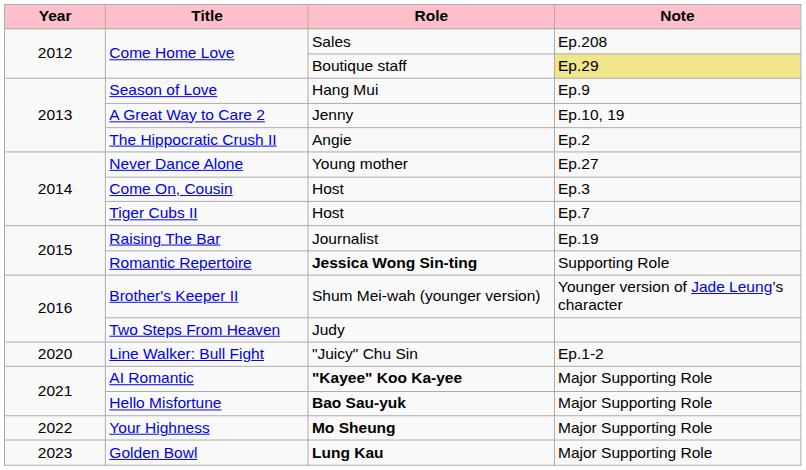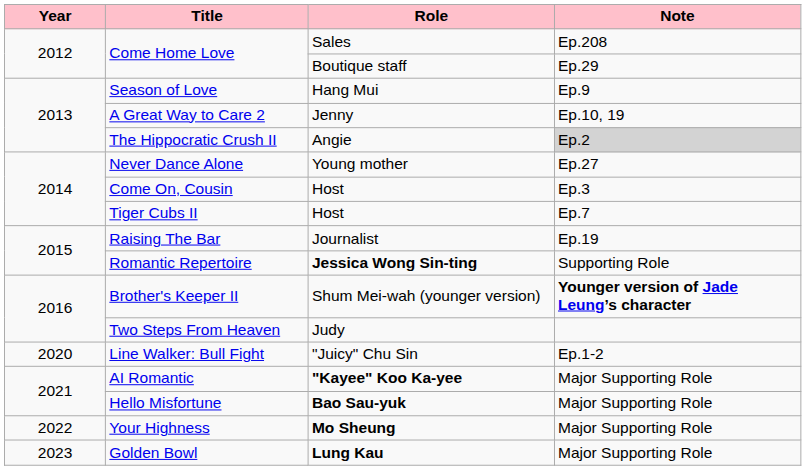 <table class="wikitable" width="65%">
 <tr style="background:pink; color:black" align=center>
 <td style="width:7%"><strong>Year</strong></td>
 <td style="width:14%"><strong>Title</strong></td>
 <td style="width:17%"><strong>Role</strong></td>
 <td style="width:17%"><strong>Note</strong></td>
 </tr>
 <tr>
 <td rowspan="2" style="text-align:center;">2012</td>
 <td rowspan="2"><a href='#'>Come Home Love</a></td>
 <td>Sales</td>
 <td>Ep.208</td>
 </tr>
 <tr>
 <td>Boutique staff</td>
-<td style="background: khaki;">Ep.29</td>
+<td>Ep.29</td>
 </tr>
 <tr>
 <td rowspan="3" style="text-align:center;">2013</td>
 <td><a href='#'>Season of Love</a></td>
 <td>Hang Mui</td>
 <td>Ep.9</td>
 </tr>
 <tr>
 <td><a href='#'>A Great Way to Care 2</a></td>
 <td>Jenny</td>
 <td>Ep.10, 19</td>
 </tr>
 <tr>
 <td><a href='#'>The Hippocratic Crush II</a></td>
 <td>Angie</td>
-<td>Ep.2</td>
+<td style="background: lightgrey;">Ep.2</td>
 </tr>
 <tr>
 <td rowspan="3" style="text-align:center;">2014</td>
 <td><a href='#'>Never Dance Alone</a></td>
 <td>Young mother</td>
 <td>Ep.27</td>
 </tr>
 <tr>
 <td><a href='#'>Come On, Cousin</a></td>
 <td>Host</td>
 <td>Ep.3</td>
 </tr>
 <tr>
 <td><a href='#'>Tiger Cubs II</a></td>
 <td>Host</td>
 <td>Ep.7</td>
 </tr>
 <tr>
 <td rowspan="2" style="text-align:center;">2015</td>
 <td><a href='#'>Raising The Bar</a></td>
 <td>Journalist</td>
 <td>Ep.19</td>
 </tr>
 <tr>
 <td><a href='#'>Romantic Repertoire</a></td>
 <td><strong>Jessica Wong Sin-ting</strong></td>
 <td>Supporting Role</td>
 </tr>
 <tr>
 <td rowspan="2" style="text-align:center;">2016</td>
 <td><a href='#'>Brother's Keeper II</a></td>
 <td>Shum Mei-wah (younger version)</td>
-<td>Younger version of <a href='#'>Jade Leung</a>’s character</td>
+<td><strong>Younger version of <a href='#'>Jade Leung</a>’s character</strong></td>
 </tr>
 <tr>
 <td><a href='#'>Two Steps From Heaven</a></td>
 <td>Judy</td>
 <td></td>
 </tr>
 <tr>
 <td style="text-align:center;">2020</td>
 <td><a href='#'>Line Walker: Bull Fight</a></td>
 <td>"Juicy" Chu Sin</td>
 <td>Ep.1-2</td>
 </tr>
 <tr>
 <td rowspan="2" style="text-align:center;">2021</td>
 <td><a href='#'>AI Romantic</a></td>
 <td><strong> "Kayee" Koo Ka-yee </strong></td>
 <td>Major Supporting Role</td>
 </tr>
 <tr>
 <td><a href='#'>Hello Misfortune</a></td>
 <td><strong> Bao Sau-yuk </strong></td>
 <td>Major Supporting Role</td>
 </tr>
 <tr>
 <td style="text-align:center;">2022</td>
 <td><a href='#'>Your Highness</a></td>
 <td><strong> Mo Sheung </strong></td>
 <td>Major Supporting Role</td>
 </tr>
 <tr>
 <td style="text-align:center;">2023</td>
 <td><a href='#'>Golden Bowl</a></td>
 <td><strong> Lung Kau </strong></td>
 <td>Major Supporting Role</td>
 </tr>
 </table>
